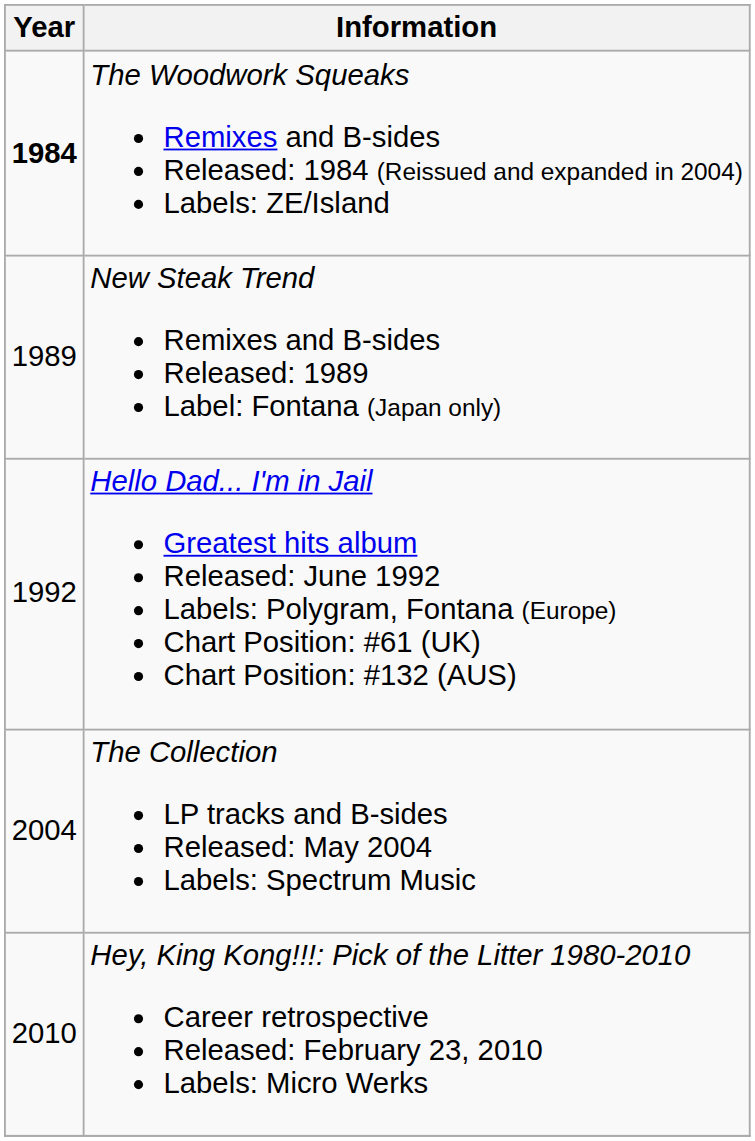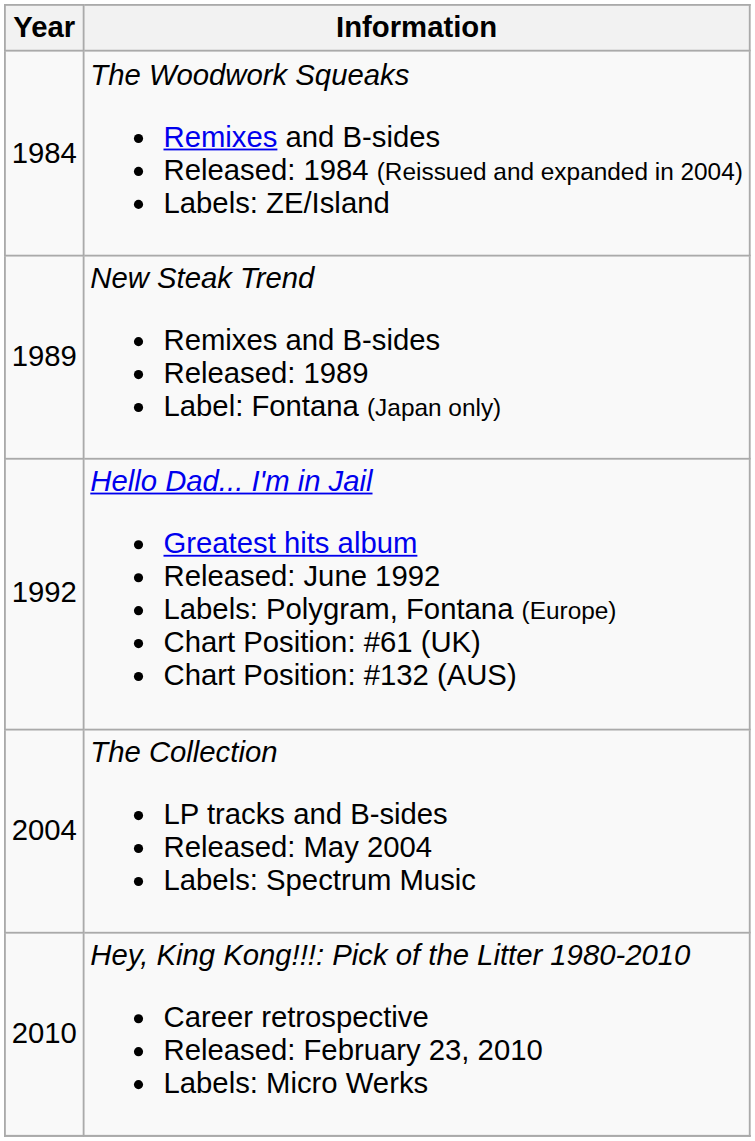 <table class="wikitable">
 <tr>
 <th>Year</th>
 <th>Information</th>
 </tr>
 <tr>
-<td><strong>1984</strong></td>
+<td>1984</td>
 <td><em>The Woodwork Squeaks</em><br><ul><li><a href='#'>Remixes</a> and B-sides</li><li>Released: 1984 <small>(Reissued and expanded in 2004)</small></li><li>Labels: ZE/Island</li></ul></td>
 </tr>
 <tr>
 <td>1989</td>
 <td><em>New Steak Trend</em><br><ul><li>Remixes and B-sides</li><li>Released: 1989</li><li>Label: Fontana <small>(Japan only)</small></li></ul></td>
 </tr>
 <tr>
 <td>1992</td>
 <td><em><a href='#'>Hello Dad... I'm in Jail</a></em><br><ul><li><a href='#'>Greatest hits album</a></li><li>Released: June 1992</li><li>Labels: Polygram, Fontana <small>(Europe)</small></li><li>Chart Position: #61 (UK)</li><li>Chart Position: #132 (AUS)</li></ul></td>
 </tr>
 <tr>
 <td>2004</td>
 <td><em>The Collection</em><br><ul><li>LP tracks and B-sides</li><li>Released: May 2004</li><li>Labels: Spectrum Music</li></ul></td>
 </tr>
 <tr>
 <td>2010</td>
 <td><em>Hey, King Kong!!!: Pick of the Litter 1980-2010</em><br><ul><li>Career retrospective</li><li>Released: February 23, 2010</li><li>Labels: Micro Werks</li></ul></td>
 </tr>
 <tr>
 </tr>
 </table>
